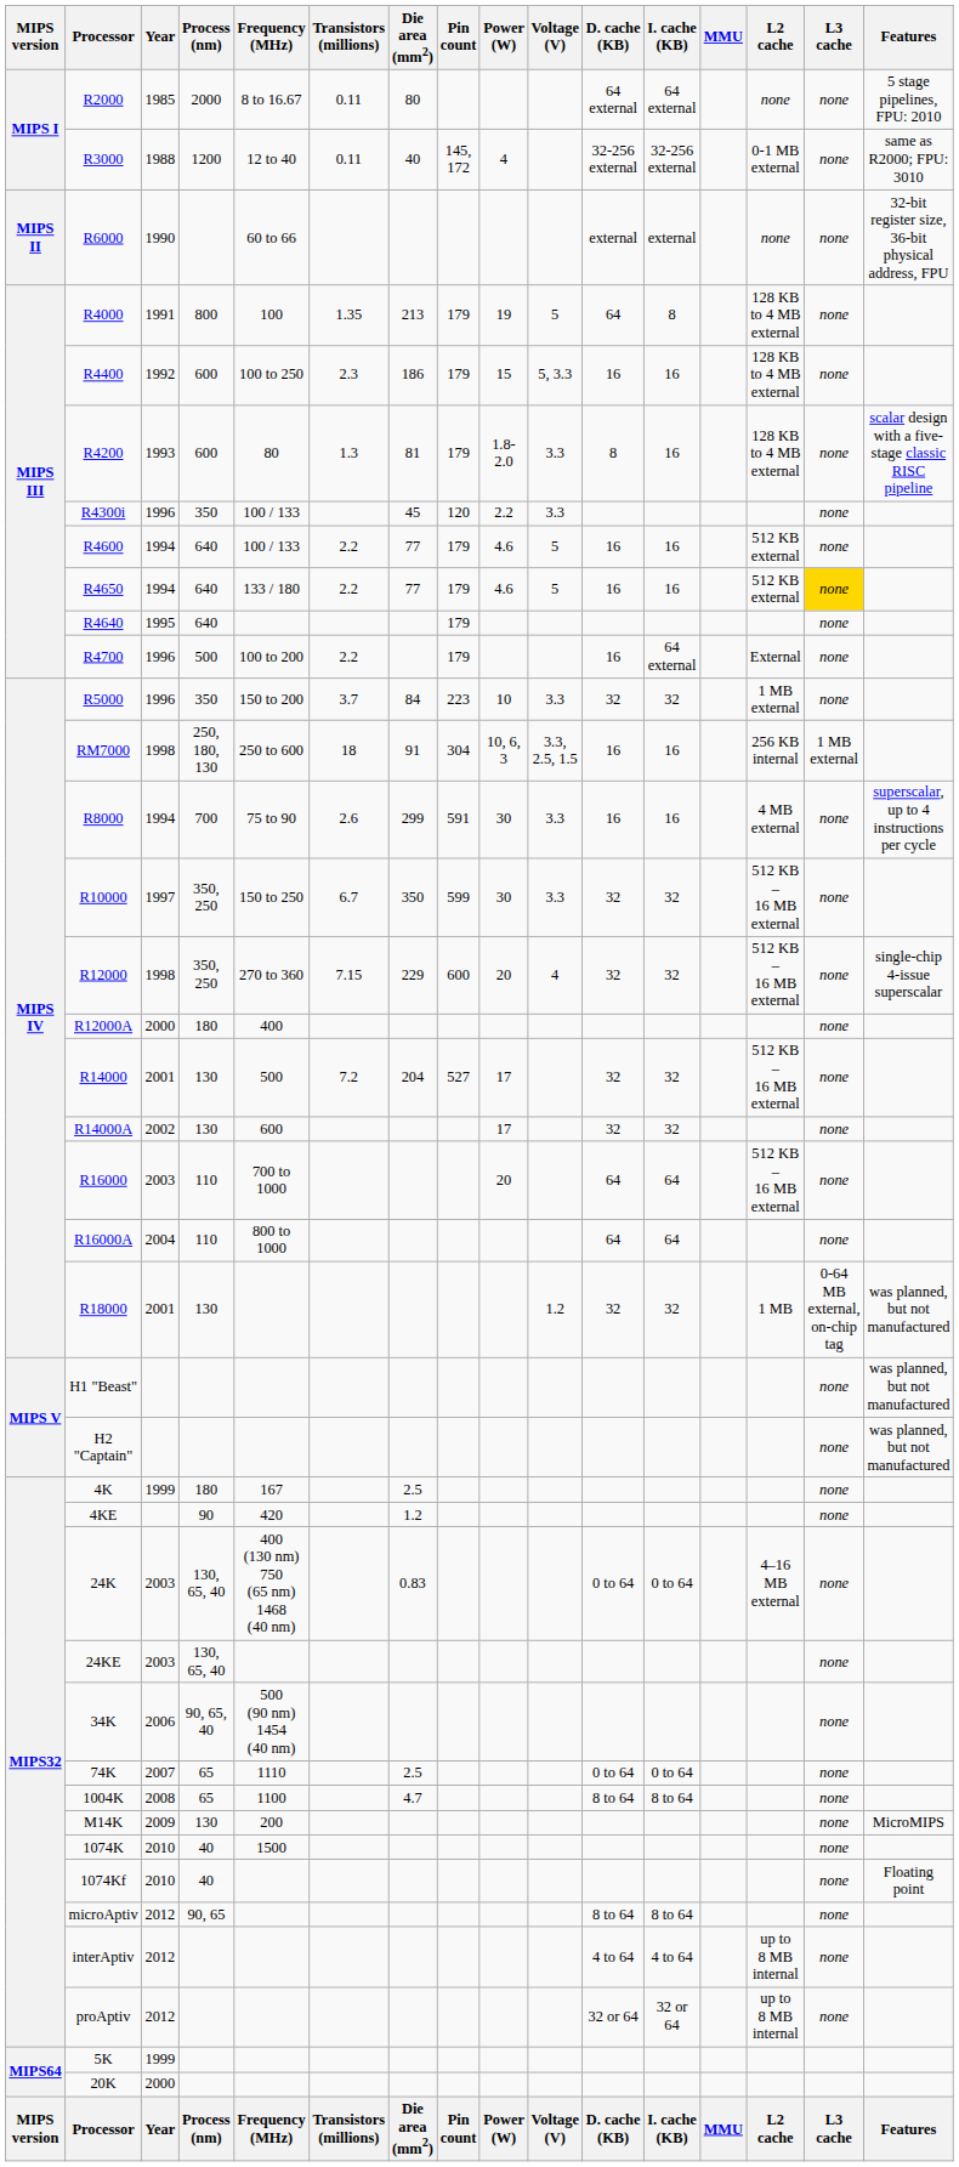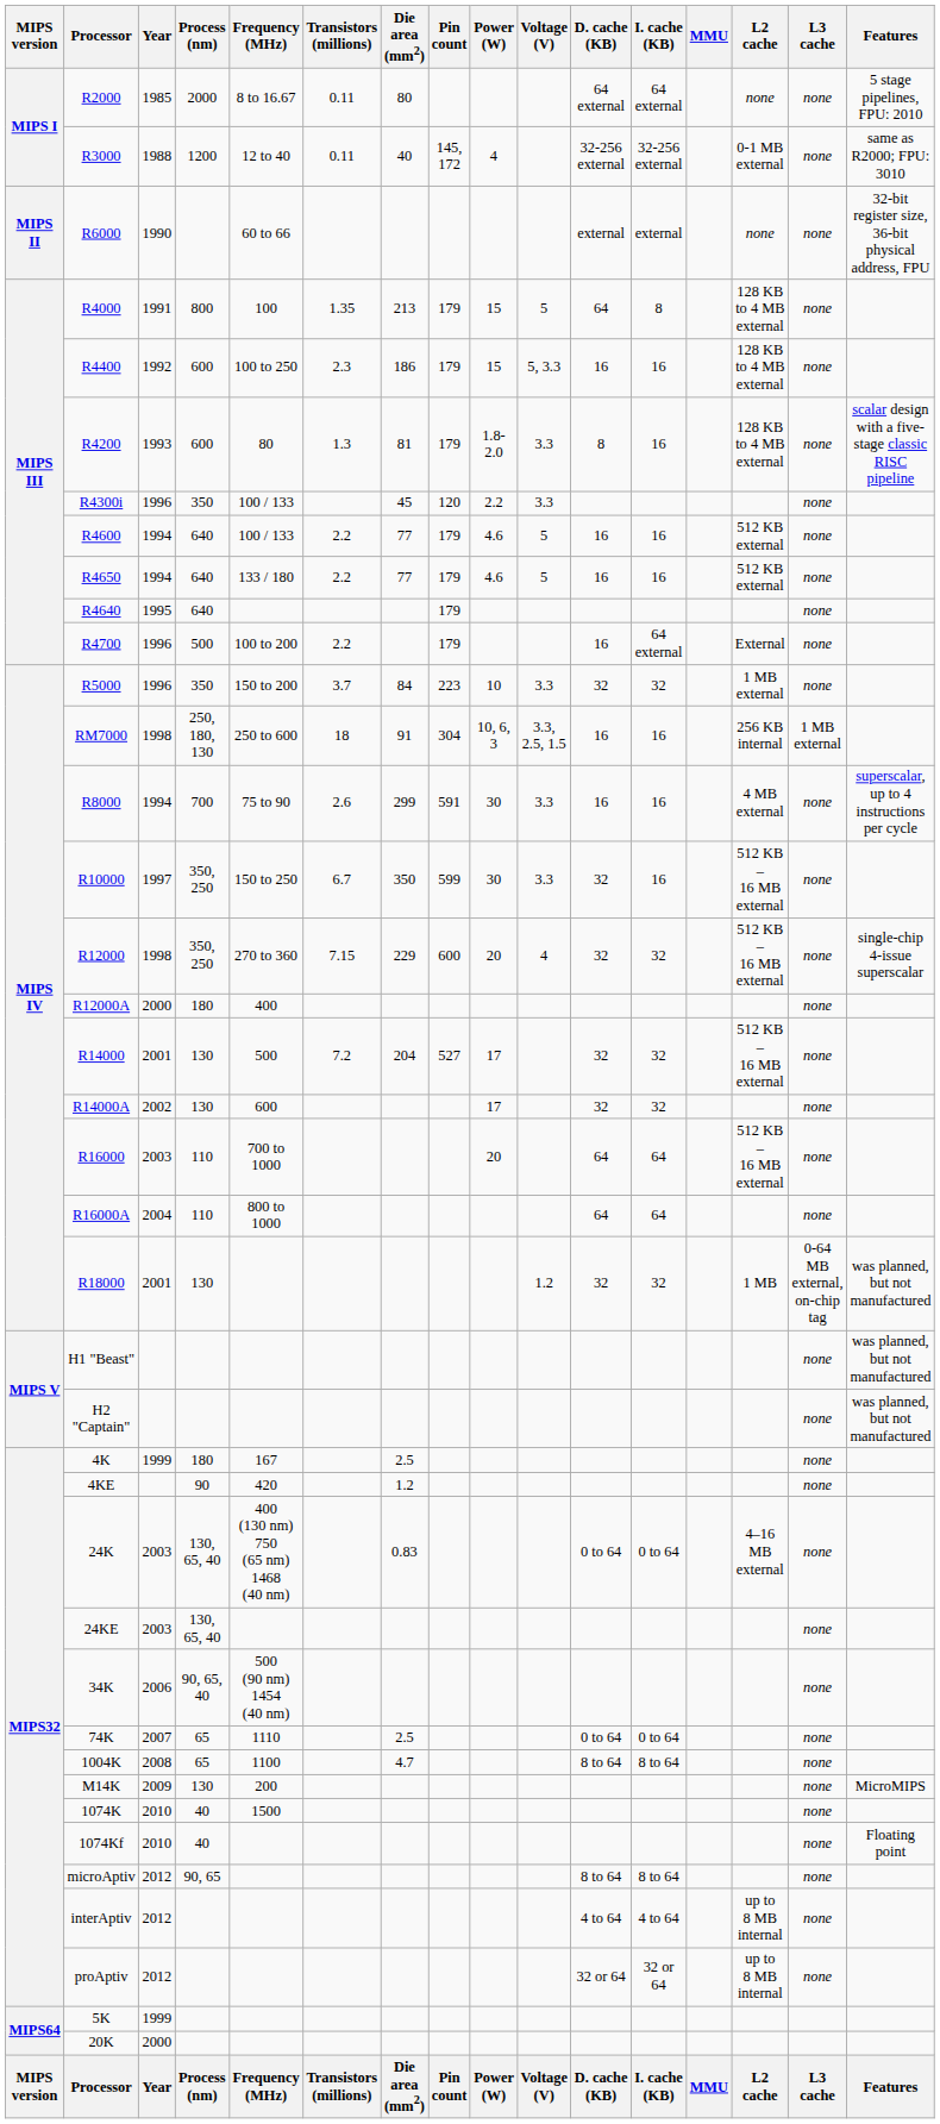 <table class="wikitable sortable mw-datatable" style="font-size: 85%; text-align: center" summary="This table contains some specifications for common MIPS microprocessors. Each microprocessor is given the frequency in megahertz, the release year, the fabrication process in micrometers, the number of transistors (in millions), the size of the die in square millimeters, the pin count, the power dissipation in watts, its voltage, and the sizes of the data, instruction, L2 and L3 caches.">
 <tr>
 <th>MIPS version</th>
 <th>Processor</th>
 <th>Year</th>
 <th abbr="Process">Process (nm)</th>
 <th abbr="Frequency">Frequency (MHz)</th>
 <th abbr="Transistors">Transistors (millions)</th>
 <th abbr="Size">Die area (mm<sup>2</sup>)</th>
 <th>Pin count</th>
 <th abbr="Power">Power (W)</th>
 <th abbr="Voltage">Voltage (V)</th>
 <th abbr="Data cache">D. cache (KB)</th>
 <th abbr="Instruction cache">I. cache (KB)</th>
 <th><a href='#'>MMU</a></th>
 <th>L2 cache</th>
 <th>L3 cache</th>
 <th>Features</th>
 </tr>
 <tr>
 <th rowspan=2><a href='#'>MIPS I</a></th>
 <td><a href='#'>R2000</a></td>
 <td>1985</td>
 <td>2000</td>
 <td>8 to 16.67</td>
 <td>0.11</td>
 <td>80</td>
 <td></td>
 <td></td>
 <td></td>
 <td>64 external</td>
 <td>64 external</td>
 <td></td>
 <td><em>none</em></td>
 <td><em>none</em></td>
 <td>5 stage pipelines, FPU: 2010</td>
 </tr>
 <tr>
 <td><a href='#'>R3000</a></td>
 <td>1988</td>
 <td>1200</td>
 <td>12 to 40</td>
 <td>0.11</td>
 <td>40</td>
 <td>145, 172</td>
 <td>4</td>
 <td></td>
 <td>32-256 external</td>
 <td>32-256 external</td>
 <td></td>
 <td>0-1 MB external</td>
 <td><em>none</em></td>
 <td>same as R2000; FPU: 3010</td>
 </tr>
 <tr>
 <th rowspan=1><a href='#'>MIPS II</a></th>
 <td><a href='#'>R6000</a></td>
 <td>1990</td>
 <td></td>
 <td>60 to 66</td>
 <td></td>
 <td></td>
 <td></td>
 <td></td>
 <td></td>
 <td>external</td>
 <td>external</td>
 <td></td>
 <td><em>none</em></td>
 <td><em>none</em></td>
 <td>32-bit register size, 36-bit physical address, FPU</td>
 </tr>
 <tr>
 <th rowspan=8><a href='#'>MIPS III</a></th>
 <td><a href='#'>R4000</a></td>
 <td>1991</td>
 <td>800</td>
 <td>100</td>
 <td>1.35</td>
 <td>213</td>
 <td>179</td>
-<td>19</td>
+<td>15</td>
 <td>5</td>
 <td>64</td>
 <td>8</td>
 <td></td>
 <td>128 KB to 4 MB external</td>
 <td><em>none</em></td>
 <td></td>
 </tr>
 <tr>
 <td><a href='#'>R4400</a></td>
 <td>1992</td>
 <td>600</td>
 <td>100 to 250</td>
 <td>2.3</td>
 <td>186</td>
 <td>179</td>
 <td>15</td>
 <td>5, 3.3</td>
 <td>16</td>
 <td>16</td>
 <td></td>
 <td>128 KB to 4 MB external</td>
 <td><em>none</em></td>
 <td></td>
 </tr>
 <tr>
 <td><a href='#'>R4200</a></td>
 <td>1993</td>
 <td>600</td>
 <td>80</td>
 <td>1.3</td>
 <td>81</td>
 <td>179</td>
 <td>1.8-2.0</td>
 <td>3.3</td>
 <td>8</td>
 <td>16</td>
 <td></td>
 <td>128 KB to 4 MB external</td>
 <td><em>none</em></td>
 <td><a href='#'>scalar</a> design with a five-stage <a href='#'>classic RISC pipeline</a></td>
 </tr>
 <tr>
 <td><a href='#'>R4300i</a></td>
 <td>1996</td>
 <td>350</td>
 <td>100 / 133</td>
 <td></td>
 <td>45</td>
 <td>120</td>
 <td>2.2</td>
 <td>3.3</td>
 <td></td>
 <td></td>
 <td></td>
 <td></td>
 <td><em>none</em></td>
 <td></td>
 </tr>
 <tr>
 <td><a href='#'>R4600</a></td>
 <td>1994</td>
 <td>640</td>
 <td>100 / 133</td>
 <td>2.2</td>
 <td>77</td>
 <td>179</td>
 <td>4.6</td>
 <td>5</td>
 <td>16</td>
 <td>16</td>
 <td></td>
 <td>512 KB external</td>
 <td><em>none</em></td>
 <td></td>
 </tr>
 <tr>
 <td><a href='#'>R4650</a></td>
 <td>1994</td>
 <td>640</td>
 <td>133 / 180</td>
 <td>2.2</td>
 <td>77</td>
 <td>179</td>
 <td>4.6</td>
 <td>5</td>
 <td>16</td>
 <td>16</td>
 <td></td>
 <td>512 KB external</td>
-<td style="background: gold;"><em>none</em></td>
+<td><em>none</em></td>
 <td></td>
 </tr>
 <tr>
 <td><a href='#'>R4640</a></td>
 <td>1995</td>
 <td>640</td>
 <td></td>
 <td></td>
 <td></td>
 <td>179</td>
 <td></td>
 <td></td>
 <td></td>
 <td></td>
 <td></td>
 <td></td>
 <td><em>none</em></td>
 <td></td>
 </tr>
 <tr>
 <td><a href='#'>R4700</a></td>
 <td>1996</td>
 <td>500</td>
 <td>100 to 200</td>
 <td>2.2</td>
 <td></td>
 <td>179</td>
 <td></td>
 <td></td>
 <td>16</td>
 <td>64 external</td>
 <td></td>
 <td>External</td>
 <td><em>none</em></td>
 <td></td>
 </tr>
 <tr>
 <th rowspan=11><a href='#'>MIPS IV</a></th>
 <td><a href='#'>R5000</a></td>
 <td>1996</td>
 <td>350</td>
 <td>150 to 200</td>
 <td>3.7</td>
 <td>84</td>
 <td>223</td>
 <td>10</td>
 <td>3.3</td>
 <td>32</td>
 <td>32</td>
 <td></td>
 <td>1 MB external</td>
 <td><em>none</em></td>
 <td></td>
 </tr>
 <tr>
 <td><a href='#'>RM7000</a></td>
 <td>1998</td>
 <td>250, 180, 130</td>
 <td>250 to 600</td>
 <td>18</td>
 <td>91</td>
 <td>304</td>
 <td>10, 6, 3</td>
 <td>3.3, 2.5, 1.5</td>
 <td>16</td>
 <td>16</td>
 <td></td>
 <td>256 KB internal</td>
 <td>1 MB external</td>
 <td></td>
 </tr>
 <tr>
 <td><a href='#'>R8000</a></td>
 <td>1994</td>
 <td>700</td>
 <td>75 to 90</td>
 <td>2.6</td>
 <td>299</td>
 <td>591</td>
 <td>30</td>
 <td>3.3</td>
 <td>16</td>
 <td>16</td>
 <td></td>
 <td>4 MB external</td>
 <td><em>none</em></td>
 <td><a href='#'>superscalar</a>, up to 4 instructions per cycle</td>
 </tr>
 <tr>
 <td><a href='#'>R10000</a></td>
 <td>1997</td>
 <td>350, 250</td>
 <td>150 to 250</td>
 <td>6.7</td>
 <td>350</td>
 <td>599</td>
 <td>30</td>
 <td>3.3</td>
 <td>32</td>
-<td>32</td>
+<td>16</td>
 <td></td>
 <td>512 KB – 16 MB external</td>
 <td><em>none</em></td>
 <td></td>
 </tr>
 <tr>
 <td><a href='#'>R12000</a></td>
 <td>1998</td>
 <td>350, 250</td>
 <td>270 to 360</td>
 <td>7.15</td>
 <td>229</td>
 <td>600</td>
 <td>20</td>
 <td>4</td>
 <td>32</td>
 <td>32</td>
 <td></td>
 <td>512 KB – 16 MB external</td>
 <td><em>none</em></td>
 <td>single-chip 4-issue superscalar</td>
 </tr>
 <tr>
 <td><a href='#'>R12000A</a></td>
 <td>2000</td>
 <td>180</td>
 <td>400</td>
 <td></td>
 <td></td>
 <td></td>
 <td></td>
 <td></td>
 <td></td>
 <td></td>
 <td></td>
 <td></td>
 <td><em>none</em></td>
 <td></td>
 </tr>
 <tr>
 <td><a href='#'>R14000</a></td>
 <td>2001</td>
 <td>130</td>
 <td>500</td>
 <td>7.2</td>
 <td>204</td>
 <td>527</td>
 <td>17</td>
 <td></td>
 <td>32</td>
 <td>32</td>
 <td></td>
 <td>512 KB – 16 MB external</td>
 <td><em>none</em></td>
 <td></td>
 </tr>
 <tr>
 <td><a href='#'>R14000A</a></td>
 <td>2002</td>
 <td>130</td>
 <td>600</td>
 <td></td>
 <td></td>
 <td></td>
 <td>17</td>
 <td></td>
 <td>32</td>
 <td>32</td>
 <td></td>
 <td></td>
 <td><em>none</em></td>
 <td></td>
 </tr>
 <tr>
 <td><a href='#'>R16000</a></td>
 <td>2003</td>
 <td>110</td>
 <td>700 to 1000</td>
 <td></td>
 <td></td>
 <td></td>
 <td>20</td>
 <td></td>
 <td>64</td>
 <td>64</td>
 <td></td>
 <td>512 KB – 16 MB external</td>
 <td><em>none</em></td>
 <td></td>
 </tr>
 <tr>
 <td><a href='#'>R16000A</a></td>
 <td>2004</td>
 <td>110</td>
 <td>800 to 1000</td>
 <td></td>
 <td></td>
 <td></td>
 <td></td>
 <td></td>
 <td>64</td>
 <td>64</td>
 <td></td>
 <td></td>
 <td><em>none</em></td>
 <td></td>
 </tr>
 <tr>
 <td><a href='#'>R18000</a></td>
 <td>2001</td>
 <td>130</td>
 <td></td>
 <td></td>
 <td></td>
 <td></td>
 <td></td>
 <td>1.2</td>
 <td>32</td>
 <td>32</td>
 <td></td>
 <td>1 MB</td>
 <td>0-64 MB external, on-chip tag</td>
 <td>was planned, but not manufactured</td>
 </tr>
 <tr>
 <th rowspan=2><a href='#'>MIPS V</a></th>
 <td>H1 "Beast"</td>
 <td></td>
 <td></td>
 <td></td>
 <td></td>
 <td></td>
 <td></td>
 <td></td>
 <td></td>
 <td></td>
 <td></td>
 <td></td>
 <td></td>
 <td><em>none</em></td>
 <td>was planned, but not manufactured</td>
 </tr>
 <tr>
 <td>H2 "Captain"</td>
 <td></td>
 <td></td>
 <td></td>
 <td></td>
 <td></td>
 <td></td>
 <td></td>
 <td></td>
 <td></td>
 <td></td>
 <td></td>
 <td></td>
 <td><em>none</em></td>
 <td>was planned, but not manufactured</td>
 </tr>
 <tr>
 <th rowspan=13><a href='#'>MIPS32</a></th>
 <td>4K</td>
 <td>1999</td>
 <td>180</td>
 <td>167</td>
 <td></td>
 <td>2.5</td>
 <td></td>
 <td></td>
 <td></td>
 <td></td>
 <td></td>
 <td></td>
 <td></td>
 <td><em>none</em></td>
 <td></td>
 </tr>
 <tr>
 <td>4KE</td>
 <td></td>
 <td>90</td>
 <td>420</td>
 <td></td>
 <td>1.2</td>
 <td></td>
 <td></td>
 <td></td>
 <td></td>
 <td></td>
 <td></td>
 <td></td>
 <td><em>none</em></td>
 <td></td>
 </tr>
 <tr>
 <td>24K</td>
 <td>2003</td>
 <td>130, 65, 40</td>
 <td>400 (130 nm) 750 (65 nm) 1468 (40 nm)</td>
 <td></td>
 <td>0.83</td>
 <td></td>
 <td></td>
 <td></td>
 <td>0 to 64</td>
 <td>0 to 64</td>
 <td></td>
 <td>4–16 MB external</td>
 <td><em>none</em></td>
 <td></td>
 </tr>
 <tr>
 <td>24KE</td>
 <td>2003</td>
 <td>130, 65, 40</td>
 <td></td>
 <td></td>
 <td></td>
 <td></td>
 <td></td>
 <td></td>
 <td></td>
 <td></td>
 <td></td>
 <td></td>
 <td><em>none</em></td>
 <td></td>
 </tr>
 <tr>
 <td>34K</td>
 <td>2006</td>
 <td>90, 65, 40</td>
 <td>500 (90 nm) 1454 (40 nm)</td>
 <td></td>
 <td></td>
 <td></td>
 <td></td>
 <td></td>
 <td></td>
 <td></td>
 <td></td>
 <td></td>
 <td><em>none</em></td>
 <td></td>
 </tr>
 <tr>
 <td>74K</td>
 <td>2007</td>
 <td>65</td>
 <td>1110</td>
 <td></td>
 <td>2.5</td>
 <td></td>
 <td></td>
 <td></td>
 <td>0 to 64</td>
 <td>0 to 64</td>
 <td></td>
 <td></td>
 <td><em>none</em></td>
 <td></td>
 </tr>
 <tr>
 <td>1004K</td>
 <td>2008</td>
 <td>65</td>
 <td>1100</td>
 <td></td>
 <td>4.7</td>
 <td></td>
 <td></td>
 <td></td>
 <td>8 to 64</td>
 <td>8 to 64</td>
 <td></td>
 <td></td>
 <td><em>none</em></td>
 <td></td>
 </tr>
 <tr>
 <td>M14K</td>
 <td>2009</td>
 <td>130</td>
 <td>200</td>
 <td></td>
 <td></td>
 <td></td>
 <td></td>
 <td></td>
 <td></td>
 <td></td>
 <td></td>
 <td></td>
 <td><em>none</em></td>
 <td>MicroMIPS</td>
 </tr>
 <tr>
 <td>1074K</td>
 <td>2010</td>
 <td>40</td>
 <td>1500</td>
 <td></td>
 <td></td>
 <td></td>
 <td></td>
 <td></td>
 <td></td>
 <td></td>
 <td></td>
 <td></td>
 <td><em>none</em></td>
 <td></td>
 </tr>
 <tr>
 <td>1074Kf</td>
 <td>2010</td>
 <td>40</td>
 <td></td>
 <td></td>
 <td></td>
 <td></td>
 <td></td>
 <td></td>
 <td></td>
 <td></td>
 <td></td>
 <td></td>
 <td><em>none</em></td>
 <td>Floating point</td>
 </tr>
 <tr>
 <td>microAptiv</td>
 <td>2012</td>
 <td>90, 65</td>
 <td></td>
 <td></td>
 <td></td>
 <td></td>
 <td></td>
 <td></td>
 <td>8 to 64</td>
 <td>8 to 64</td>
 <td></td>
 <td></td>
 <td><em>none</em></td>
 <td></td>
 </tr>
 <tr>
 <td>interAptiv</td>
 <td>2012</td>
 <td></td>
 <td></td>
 <td></td>
 <td></td>
 <td></td>
 <td></td>
 <td></td>
 <td>4 to 64</td>
 <td>4 to 64</td>
 <td></td>
 <td>up to 8 MB internal</td>
 <td><em>none</em></td>
 <td></td>
 </tr>
 <tr>
 <td>proAptiv</td>
 <td>2012</td>
 <td></td>
 <td></td>
 <td></td>
 <td></td>
 <td></td>
 <td></td>
 <td></td>
 <td>32 or 64</td>
 <td>32 or 64</td>
 <td></td>
 <td>up to 8 MB internal</td>
 <td><em>none</em></td>
 <td></td>
 </tr>
 <tr>
 <th rowspan=2><a href='#'>MIPS64</a></th>
 <td>5K</td>
 <td>1999</td>
 <td></td>
 <td></td>
 <td></td>
 <td></td>
 <td></td>
 <td></td>
 <td></td>
 <td></td>
 <td></td>
 <td></td>
 <td></td>
 <td></td>
 <td></td>
 </tr>
 <tr>
 <td>20K</td>
 <td>2000</td>
 <td></td>
 <td></td>
 <td></td>
 <td></td>
 <td></td>
 <td></td>
 <td></td>
 <td></td>
 <td></td>
 <td></td>
 <td></td>
 <td></td>
 <td></td>
 </tr>
 <tr>
 <th>MIPS version</th>
 <th>Processor</th>
 <th>Year</th>
 <th abbr="Process">Process (nm)</th>
 <th abbr="Frequency">Frequency (MHz)</th>
 <th abbr="Transistors">Transistors (millions)</th>
 <th abbr="Size">Die area (mm<sup>2</sup>)</th>
 <th>Pin count</th>
 <th abbr="Power">Power (W)</th>
 <th abbr="Voltage">Voltage (V)</th>
 <th abbr="Data cache">D. cache (KB)</th>
 <th abbr="Instruction cache">I. cache (KB)</th>
 <th><a href='#'>MMU</a></th>
 <th>L2 cache</th>
 <th>L3 cache</th>
 <th>Features</th>
 </tr>
 </table>
